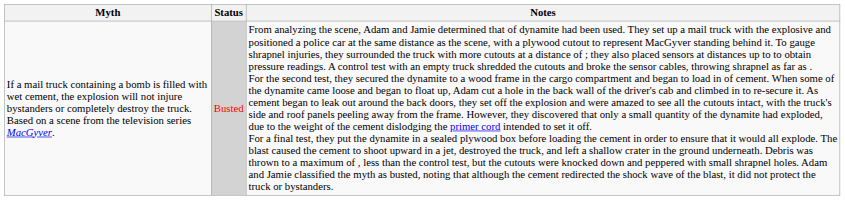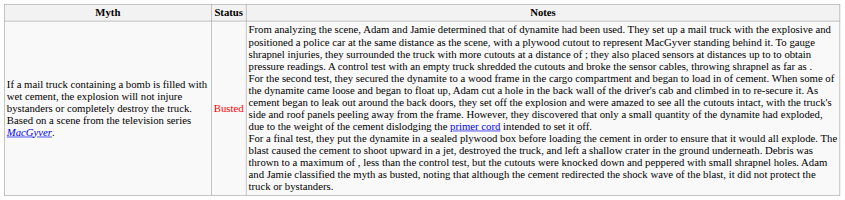 <table class="wikitable plainrowheaders">
 <tr>
 <th scope"col">Myth</th>
 <th scope"col">Status</th>
 <th scope"col">Notes</th>
 </tr>
 <tr>
 <td scope"row">If a mail truck containing a bomb is filled with wet cement, the explosion will not injure bystanders or completely destroy the truck. Based on a scene from the television series <em><a href='#'>MacGyver</a></em>.</td>
-<td style="background: lightgrey; color:red">Busted</td>
+<td style="color:red">Busted</td>
 <td>From analyzing the scene, Adam and Jamie determined that  of dynamite had been used. They set up a mail truck with the explosive and positioned a police car at the same distance as the scene, with a plywood cutout to represent MacGyver standing behind it. To gauge shrapnel injuries, they surrounded the truck with more cutouts at a distance of ; they also placed sensors at distances up to  to obtain pressure readings. A control test with an empty truck shredded the cutouts and broke the sensor cables, throwing shrapnel as far as .<br>For the second test, they secured the dynamite to a wood frame in the cargo compartment and began to load in  of cement. When some of the dynamite came loose and began to float up, Adam cut a hole in the back wall of the driver's cab and climbed in to re-secure it. As cement began to leak out around the back doors, they set off the explosion and were amazed to see all the cutouts intact, with the truck's side and roof panels peeling away from the frame. However, they discovered that only a small quantity of the dynamite had exploded, due to the weight of the cement dislodging the <a href='#'>primer cord</a> intended to set it off.<br>For a final test, they put the dynamite in a sealed plywood box before loading the cement in order to ensure that it would all explode. The blast caused the cement to shoot upward in a jet, destroyed the truck, and left a shallow crater in the ground underneath. Debris was thrown to a maximum of , less than the control test, but the cutouts were knocked down and peppered with small shrapnel holes. Adam and Jamie classified the myth as busted, noting that although the cement redirected the shock wave of the blast, it did not protect the truck or bystanders.</td>
 </tr>
 </table>
